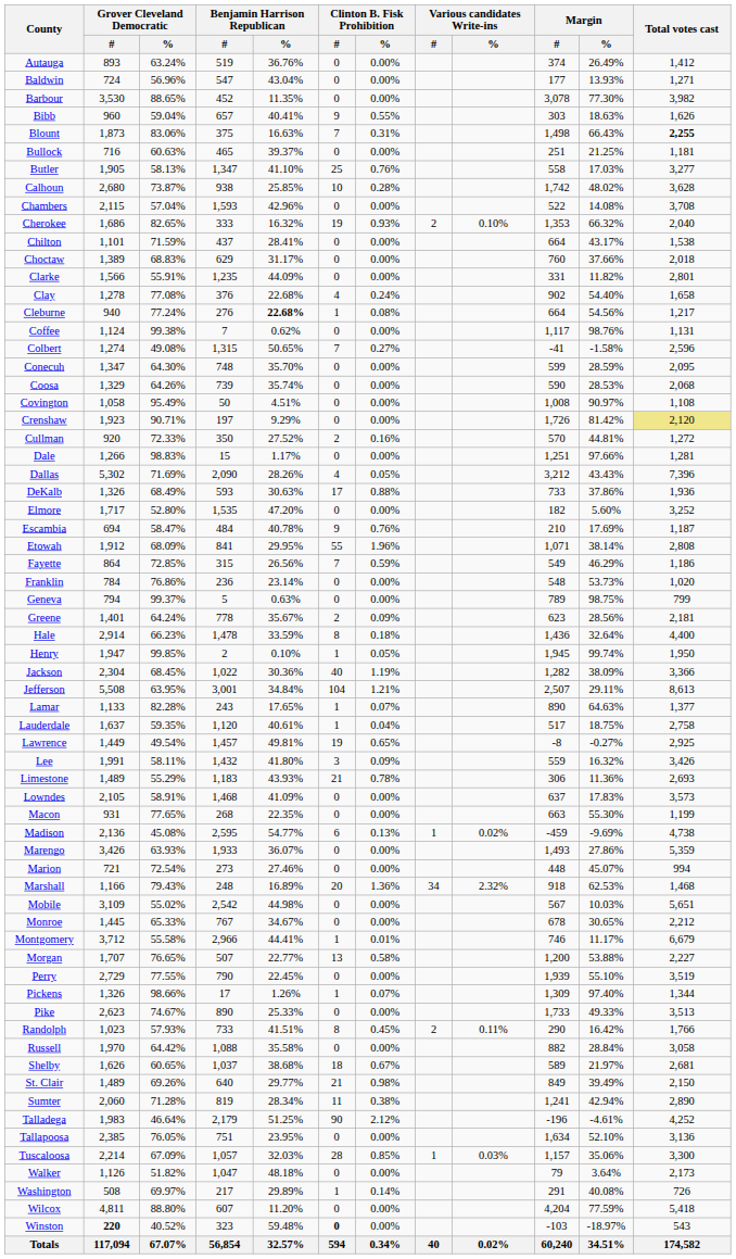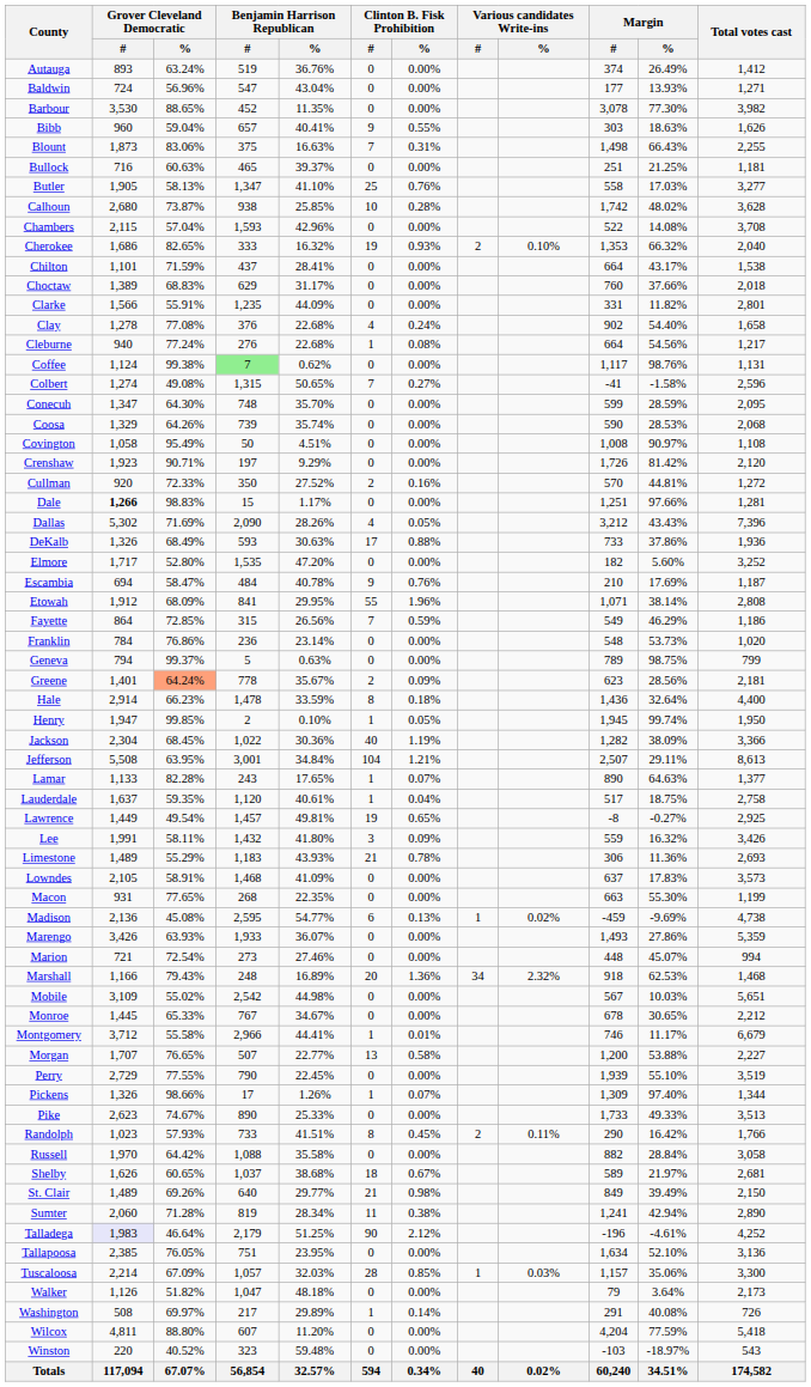 <table width="65%"  class="wikitable sortable" style="text-align:center">
 <tr>
 <th colspan="1" rowspan="2">County</th>
 <th style="text-align:center;" colspan="2">Grover Cleveland<br>Democratic</th>
 <th style="text-align:center;" colspan="2">Benjamin Harrison<br>Republican</th>
 <th style="text-align:center;" colspan="2">Clinton B. Fisk<br>Prohibition</th>
 <th style="text-align:center;" colspan="2">Various candidates<br>Write-ins</th>
 <th style="text-align:center;" colspan="2">Margin</th>
 <th colspan="1" rowspan="2" style="text-align:center;">Total votes cast</th>
 </tr>
 <tr>
 <th style="text-align:center;" data-sort-type="number">#</th>
 <th style="text-align:center;" data-sort-type="number">%</th>
 <th style="text-align:center;" data-sort-type="number">#</th>
 <th style="text-align:center;" data-sort-type="number">%</th>
 <th style="text-align:center;" data-sort-type="number">#</th>
 <th style="text-align:center;" data-sort-type="number">%</th>
 <th style="text-align:center;" data-sort-type="number">#</th>
 <th style="text-align:center;" data-sort-type="number">%</th>
 <th style="text-align:center;" data-sort-type="number">#</th>
 <th style="text-align:center;" data-sort-type="number">%</th>
 </tr>
 <tr style="text-align:center;">
 <td><a href='#'>Autauga</a></td>
 <td>893</td>
 <td>63.24%</td>
 <td>519</td>
 <td>36.76%</td>
 <td>0</td>
 <td>0.00%</td>
 <td></td>
 <td></td>
 <td>374</td>
 <td>26.49%</td>
 <td>1,412</td>
 </tr>
 <tr style="text-align:center;">
 <td><a href='#'>Baldwin</a></td>
 <td>724</td>
 <td>56.96%</td>
 <td>547</td>
 <td>43.04%</td>
 <td>0</td>
 <td>0.00%</td>
 <td></td>
 <td></td>
 <td>177</td>
 <td>13.93%</td>
 <td>1,271</td>
 </tr>
 <tr style="text-align:center;">
 <td><a href='#'>Barbour</a></td>
 <td>3,530</td>
 <td>88.65%</td>
 <td>452</td>
 <td>11.35%</td>
 <td>0</td>
 <td>0.00%</td>
 <td></td>
 <td></td>
 <td>3,078</td>
 <td>77.30%</td>
 <td>3,982</td>
 </tr>
 <tr style="text-align:center;">
 <td><a href='#'>Bibb</a></td>
 <td>960</td>
 <td>59.04%</td>
 <td>657</td>
 <td>40.41%</td>
 <td>9</td>
 <td>0.55%</td>
 <td></td>
 <td></td>
 <td>303</td>
 <td>18.63%</td>
 <td>1,626</td>
 </tr>
 <tr style="text-align:center;">
 <td><a href='#'>Blount</a></td>
 <td>1,873</td>
 <td>83.06%</td>
 <td>375</td>
 <td>16.63%</td>
 <td>7</td>
 <td>0.31%</td>
 <td></td>
 <td></td>
 <td>1,498</td>
 <td>66.43%</td>
-<td><strong>2,255</strong></td>
+<td>2,255</td>
 </tr>
 <tr style="text-align:center;">
 <td><a href='#'>Bullock</a></td>
 <td>716</td>
 <td>60.63%</td>
 <td>465</td>
 <td>39.37%</td>
 <td>0</td>
 <td>0.00%</td>
 <td></td>
 <td></td>
 <td>251</td>
 <td>21.25%</td>
 <td>1,181</td>
 </tr>
 <tr style="text-align:center;">
 <td><a href='#'>Butler</a></td>
 <td>1,905</td>
 <td>58.13%</td>
 <td>1,347</td>
 <td>41.10%</td>
 <td>25</td>
 <td>0.76%</td>
 <td></td>
 <td></td>
 <td>558</td>
 <td>17.03%</td>
 <td>3,277</td>
 </tr>
 <tr style="text-align:center;">
 <td><a href='#'>Calhoun</a></td>
 <td>2,680</td>
 <td>73.87%</td>
 <td>938</td>
 <td>25.85%</td>
 <td>10</td>
 <td>0.28%</td>
 <td></td>
 <td></td>
 <td>1,742</td>
 <td>48.02%</td>
 <td>3,628</td>
 </tr>
 <tr style="text-align:center;">
 <td><a href='#'>Chambers</a></td>
 <td>2,115</td>
 <td>57.04%</td>
 <td>1,593</td>
 <td>42.96%</td>
 <td>0</td>
 <td>0.00%</td>
 <td></td>
 <td></td>
 <td>522</td>
 <td>14.08%</td>
 <td>3,708</td>
 </tr>
 <tr style="text-align:center;">
 <td><a href='#'>Cherokee</a></td>
 <td>1,686</td>
 <td>82.65%</td>
 <td>333</td>
 <td>16.32%</td>
 <td>19</td>
 <td>0.93%</td>
 <td>2</td>
 <td>0.10%</td>
 <td>1,353</td>
 <td>66.32%</td>
 <td>2,040</td>
 </tr>
 <tr style="text-align:center;">
 <td><a href='#'>Chilton</a></td>
 <td>1,101</td>
 <td>71.59%</td>
 <td>437</td>
 <td>28.41%</td>
 <td>0</td>
 <td>0.00%</td>
 <td></td>
 <td></td>
 <td>664</td>
 <td>43.17%</td>
 <td>1,538</td>
 </tr>
 <tr style="text-align:center;">
 <td><a href='#'>Choctaw</a></td>
 <td>1,389</td>
 <td>68.83%</td>
 <td>629</td>
 <td>31.17%</td>
 <td>0</td>
 <td>0.00%</td>
 <td></td>
 <td></td>
 <td>760</td>
 <td>37.66%</td>
 <td>2,018</td>
 </tr>
 <tr style="text-align:center;">
 <td><a href='#'>Clarke</a></td>
 <td>1,566</td>
 <td>55.91%</td>
 <td>1,235</td>
 <td>44.09%</td>
 <td>0</td>
 <td>0.00%</td>
 <td></td>
 <td></td>
 <td>331</td>
 <td>11.82%</td>
 <td>2,801</td>
 </tr>
 <tr style="text-align:center;">
 <td><a href='#'>Clay</a></td>
 <td>1,278</td>
 <td>77.08%</td>
 <td>376</td>
 <td>22.68%</td>
 <td>4</td>
 <td>0.24%</td>
 <td></td>
 <td></td>
 <td>902</td>
 <td>54.40%</td>
 <td>1,658</td>
 </tr>
 <tr style="text-align:center;">
 <td><a href='#'>Cleburne</a></td>
 <td>940</td>
 <td>77.24%</td>
 <td>276</td>
-<td><strong>22.68%</strong></td>
+<td>22.68%</td>
 <td>1</td>
 <td>0.08%</td>
 <td></td>
 <td></td>
 <td>664</td>
 <td>54.56%</td>
 <td>1,217</td>
 </tr>
 <tr style="text-align:center;">
 <td><a href='#'>Coffee</a></td>
 <td>1,124</td>
 <td>99.38%</td>
-<td>7</td>
+<td style="background: lightgreen;">7</td>
 <td>0.62%</td>
 <td>0</td>
 <td>0.00%</td>
 <td></td>
 <td></td>
 <td>1,117</td>
 <td>98.76%</td>
 <td>1,131</td>
 </tr>
 <tr style="text-align:center;">
 <td><a href='#'>Colbert</a></td>
 <td>1,274</td>
 <td>49.08%</td>
 <td>1,315</td>
 <td>50.65%</td>
 <td>7</td>
 <td>0.27%</td>
 <td></td>
 <td></td>
 <td>-41</td>
 <td>-1.58%</td>
 <td>2,596</td>
 </tr>
 <tr style="text-align:center;">
 <td><a href='#'>Conecuh</a></td>
 <td>1,347</td>
 <td>64.30%</td>
 <td>748</td>
 <td>35.70%</td>
 <td>0</td>
 <td>0.00%</td>
 <td></td>
 <td></td>
 <td>599</td>
 <td>28.59%</td>
 <td>2,095</td>
 </tr>
 <tr style="text-align:center;">
 <td><a href='#'>Coosa</a></td>
 <td>1,329</td>
 <td>64.26%</td>
 <td>739</td>
 <td>35.74%</td>
 <td>0</td>
 <td>0.00%</td>
 <td></td>
 <td></td>
 <td>590</td>
 <td>28.53%</td>
 <td>2,068</td>
 </tr>
 <tr style="text-align:center;">
 <td><a href='#'>Covington</a></td>
 <td>1,058</td>
 <td>95.49%</td>
 <td>50</td>
 <td>4.51%</td>
 <td>0</td>
 <td>0.00%</td>
 <td></td>
 <td></td>
 <td>1,008</td>
 <td>90.97%</td>
 <td>1,108</td>
 </tr>
 <tr style="text-align:center;">
 <td><a href='#'>Crenshaw</a></td>
 <td>1,923</td>
 <td>90.71%</td>
 <td>197</td>
 <td>9.29%</td>
 <td>0</td>
 <td>0.00%</td>
 <td></td>
 <td></td>
 <td>1,726</td>
 <td>81.42%</td>
-<td style="background: khaki;">2,120</td>
+<td>2,120</td>
 </tr>
 <tr style="text-align:center;">
 <td><a href='#'>Cullman</a></td>
 <td>920</td>
 <td>72.33%</td>
 <td>350</td>
 <td>27.52%</td>
 <td>2</td>
 <td>0.16%</td>
 <td></td>
 <td></td>
 <td>570</td>
 <td>44.81%</td>
 <td>1,272</td>
 </tr>
 <tr style="text-align:center;">
 <td><a href='#'>Dale</a></td>
-<td>1,266</td>
+<td><strong>1,266</strong></td>
 <td>98.83%</td>
 <td>15</td>
 <td>1.17%</td>
 <td>0</td>
 <td>0.00%</td>
 <td></td>
 <td></td>
 <td>1,251</td>
 <td>97.66%</td>
 <td>1,281</td>
 </tr>
 <tr style="text-align:center;">
 <td><a href='#'>Dallas</a></td>
 <td>5,302</td>
 <td>71.69%</td>
 <td>2,090</td>
 <td>28.26%</td>
 <td>4</td>
 <td>0.05%</td>
 <td></td>
 <td></td>
 <td>3,212</td>
 <td>43.43%</td>
 <td>7,396</td>
 </tr>
 <tr style="text-align:center;">
 <td><a href='#'>DeKalb</a></td>
 <td>1,326</td>
 <td>68.49%</td>
 <td>593</td>
 <td>30.63%</td>
 <td>17</td>
 <td>0.88%</td>
 <td></td>
 <td></td>
 <td>733</td>
 <td>37.86%</td>
 <td>1,936</td>
 </tr>
 <tr style="text-align:center;">
 <td><a href='#'>Elmore</a></td>
 <td>1,717</td>
 <td>52.80%</td>
 <td>1,535</td>
 <td>47.20%</td>
 <td>0</td>
 <td>0.00%</td>
 <td></td>
 <td></td>
 <td>182</td>
 <td>5.60%</td>
 <td>3,252</td>
 </tr>
 <tr style="text-align:center;">
 <td><a href='#'>Escambia</a></td>
 <td>694</td>
 <td>58.47%</td>
 <td>484</td>
 <td>40.78%</td>
 <td>9</td>
 <td>0.76%</td>
 <td></td>
 <td></td>
 <td>210</td>
 <td>17.69%</td>
 <td>1,187</td>
 </tr>
 <tr style="text-align:center;">
 <td><a href='#'>Etowah</a></td>
 <td>1,912</td>
 <td>68.09%</td>
 <td>841</td>
 <td>29.95%</td>
 <td>55</td>
 <td>1.96%</td>
 <td></td>
 <td></td>
 <td>1,071</td>
 <td>38.14%</td>
 <td>2,808</td>
 </tr>
 <tr style="text-align:center;">
 <td><a href='#'>Fayette</a></td>
 <td>864</td>
 <td>72.85%</td>
 <td>315</td>
 <td>26.56%</td>
 <td>7</td>
 <td>0.59%</td>
 <td></td>
 <td></td>
 <td>549</td>
 <td>46.29%</td>
 <td>1,186</td>
 </tr>
 <tr style="text-align:center;">
 <td><a href='#'>Franklin</a></td>
 <td>784</td>
 <td>76.86%</td>
 <td>236</td>
 <td>23.14%</td>
 <td>0</td>
 <td>0.00%</td>
 <td></td>
 <td></td>
 <td>548</td>
 <td>53.73%</td>
 <td>1,020</td>
 </tr>
 <tr style="text-align:center;">
 <td><a href='#'>Geneva</a></td>
 <td>794</td>
 <td>99.37%</td>
 <td>5</td>
 <td>0.63%</td>
 <td>0</td>
 <td>0.00%</td>
 <td></td>
 <td></td>
 <td>789</td>
 <td>98.75%</td>
 <td>799</td>
 </tr>
 <tr style="text-align:center;">
 <td><a href='#'>Greene</a></td>
 <td>1,401</td>
-<td>64.24%</td>
+<td style="background: lightsalmon;">64.24%</td>
 <td>778</td>
 <td>35.67%</td>
 <td>2</td>
 <td>0.09%</td>
 <td></td>
 <td></td>
 <td>623</td>
 <td>28.56%</td>
 <td>2,181</td>
 </tr>
 <tr style="text-align:center;">
 <td><a href='#'>Hale</a></td>
 <td>2,914</td>
 <td>66.23%</td>
 <td>1,478</td>
 <td>33.59%</td>
 <td>8</td>
 <td>0.18%</td>
 <td></td>
 <td></td>
 <td>1,436</td>
 <td>32.64%</td>
 <td>4,400</td>
 </tr>
 <tr style="text-align:center;">
 <td><a href='#'>Henry</a></td>
 <td>1,947</td>
 <td>99.85%</td>
 <td>2</td>
 <td>0.10%</td>
 <td>1</td>
 <td>0.05%</td>
 <td></td>
 <td></td>
 <td>1,945</td>
 <td>99.74%</td>
 <td>1,950</td>
 </tr>
 <tr style="text-align:center;">
 <td><a href='#'>Jackson</a></td>
 <td>2,304</td>
 <td>68.45%</td>
 <td>1,022</td>
 <td>30.36%</td>
 <td>40</td>
 <td>1.19%</td>
 <td></td>
 <td></td>
 <td>1,282</td>
 <td>38.09%</td>
 <td>3,366</td>
 </tr>
 <tr style="text-align:center;">
 <td><a href='#'>Jefferson</a></td>
 <td>5,508</td>
 <td>63.95%</td>
 <td>3,001</td>
 <td>34.84%</td>
 <td>104</td>
 <td>1.21%</td>
 <td></td>
 <td></td>
 <td>2,507</td>
 <td>29.11%</td>
 <td>8,613</td>
 </tr>
 <tr style="text-align:center;">
 <td><a href='#'>Lamar</a></td>
 <td>1,133</td>
 <td>82.28%</td>
 <td>243</td>
 <td>17.65%</td>
 <td>1</td>
 <td>0.07%</td>
 <td></td>
 <td></td>
 <td>890</td>
 <td>64.63%</td>
 <td>1,377</td>
 </tr>
 <tr style="text-align:center;">
 <td><a href='#'>Lauderdale</a></td>
 <td>1,637</td>
 <td>59.35%</td>
 <td>1,120</td>
 <td>40.61%</td>
 <td>1</td>
 <td>0.04%</td>
 <td></td>
 <td></td>
 <td>517</td>
 <td>18.75%</td>
 <td>2,758</td>
 </tr>
 <tr style="text-align:center;">
 <td><a href='#'>Lawrence</a></td>
 <td>1,449</td>
 <td>49.54%</td>
 <td>1,457</td>
 <td>49.81%</td>
 <td>19</td>
 <td>0.65%</td>
 <td></td>
 <td></td>
 <td>-8</td>
 <td>-0.27%</td>
 <td>2,925</td>
 </tr>
 <tr style="text-align:center;">
 <td><a href='#'>Lee</a></td>
 <td>1,991</td>
 <td>58.11%</td>
 <td>1,432</td>
 <td>41.80%</td>
 <td>3</td>
 <td>0.09%</td>
 <td></td>
 <td></td>
 <td>559</td>
 <td>16.32%</td>
 <td>3,426</td>
 </tr>
 <tr style="text-align:center;">
 <td><a href='#'>Limestone</a></td>
 <td>1,489</td>
 <td>55.29%</td>
 <td>1,183</td>
 <td>43.93%</td>
 <td>21</td>
 <td>0.78%</td>
 <td></td>
 <td></td>
 <td>306</td>
 <td>11.36%</td>
 <td>2,693</td>
 </tr>
 <tr style="text-align:center;">
 <td><a href='#'>Lowndes</a></td>
 <td>2,105</td>
 <td>58.91%</td>
 <td>1,468</td>
 <td>41.09%</td>
 <td>0</td>
 <td>0.00%</td>
 <td></td>
 <td></td>
 <td>637</td>
 <td>17.83%</td>
 <td>3,573</td>
 </tr>
 <tr style="text-align:center;">
 <td><a href='#'>Macon</a></td>
 <td>931</td>
 <td>77.65%</td>
 <td>268</td>
 <td>22.35%</td>
 <td>0</td>
 <td>0.00%</td>
 <td></td>
 <td></td>
 <td>663</td>
 <td>55.30%</td>
 <td>1,199</td>
 </tr>
 <tr style="text-align:center;">
 <td><a href='#'>Madison</a></td>
 <td>2,136</td>
 <td>45.08%</td>
 <td>2,595</td>
 <td>54.77%</td>
 <td>6</td>
 <td>0.13%</td>
 <td>1</td>
 <td>0.02%</td>
 <td>-459</td>
 <td>-9.69%</td>
 <td>4,738</td>
 </tr>
 <tr style="text-align:center;">
 <td><a href='#'>Marengo</a></td>
 <td>3,426</td>
 <td>63.93%</td>
 <td>1,933</td>
 <td>36.07%</td>
 <td>0</td>
 <td>0.00%</td>
 <td></td>
 <td></td>
 <td>1,493</td>
 <td>27.86%</td>
 <td>5,359</td>
 </tr>
 <tr style="text-align:center;">
 <td><a href='#'>Marion</a></td>
 <td>721</td>
 <td>72.54%</td>
 <td>273</td>
 <td>27.46%</td>
 <td>0</td>
 <td>0.00%</td>
 <td></td>
 <td></td>
 <td>448</td>
 <td>45.07%</td>
 <td>994</td>
 </tr>
 <tr style="text-align:center;">
 <td><a href='#'>Marshall</a></td>
 <td>1,166</td>
 <td>79.43%</td>
 <td>248</td>
 <td>16.89%</td>
 <td>20</td>
 <td>1.36%</td>
 <td>34</td>
 <td>2.32%</td>
 <td>918</td>
 <td>62.53%</td>
 <td>1,468</td>
 </tr>
 <tr style="text-align:center;">
 <td><a href='#'>Mobile</a></td>
 <td>3,109</td>
 <td>55.02%</td>
 <td>2,542</td>
 <td>44.98%</td>
 <td>0</td>
 <td>0.00%</td>
 <td></td>
 <td></td>
 <td>567</td>
 <td>10.03%</td>
 <td>5,651</td>
 </tr>
 <tr style="text-align:center;">
 <td><a href='#'>Monroe</a></td>
 <td>1,445</td>
 <td>65.33%</td>
 <td>767</td>
 <td>34.67%</td>
 <td>0</td>
 <td>0.00%</td>
 <td></td>
 <td></td>
 <td>678</td>
 <td>30.65%</td>
 <td>2,212</td>
 </tr>
 <tr style="text-align:center;">
 <td><a href='#'>Montgomery</a></td>
 <td>3,712</td>
 <td>55.58%</td>
 <td>2,966</td>
 <td>44.41%</td>
 <td>1</td>
 <td>0.01%</td>
 <td></td>
 <td></td>
 <td>746</td>
 <td>11.17%</td>
 <td>6,679</td>
 </tr>
 <tr style="text-align:center;">
 <td><a href='#'>Morgan</a></td>
 <td>1,707</td>
 <td>76.65%</td>
 <td>507</td>
 <td>22.77%</td>
 <td>13</td>
 <td>0.58%</td>
 <td></td>
 <td></td>
 <td>1,200</td>
 <td>53.88%</td>
 <td>2,227</td>
 </tr>
 <tr style="text-align:center;">
 <td><a href='#'>Perry</a></td>
 <td>2,729</td>
 <td>77.55%</td>
 <td>790</td>
 <td>22.45%</td>
 <td>0</td>
 <td>0.00%</td>
 <td></td>
 <td></td>
 <td>1,939</td>
 <td>55.10%</td>
 <td>3,519</td>
 </tr>
 <tr style="text-align:center;">
 <td><a href='#'>Pickens</a></td>
 <td>1,326</td>
 <td>98.66%</td>
 <td>17</td>
 <td>1.26%</td>
 <td>1</td>
 <td>0.07%</td>
 <td></td>
 <td></td>
 <td>1,309</td>
 <td>97.40%</td>
 <td>1,344</td>
 </tr>
 <tr style="text-align:center;">
 <td><a href='#'>Pike</a></td>
 <td>2,623</td>
 <td>74.67%</td>
 <td>890</td>
 <td>25.33%</td>
 <td>0</td>
 <td>0.00%</td>
 <td></td>
 <td></td>
 <td>1,733</td>
 <td>49.33%</td>
 <td>3,513</td>
 </tr>
 <tr style="text-align:center;">
 <td><a href='#'>Randolph</a></td>
 <td>1,023</td>
 <td>57.93%</td>
 <td>733</td>
 <td>41.51%</td>
 <td>8</td>
 <td>0.45%</td>
 <td>2</td>
 <td>0.11%</td>
 <td>290</td>
 <td>16.42%</td>
 <td>1,766</td>
 </tr>
 <tr style="text-align:center;">
 <td><a href='#'>Russell</a></td>
 <td>1,970</td>
 <td>64.42%</td>
 <td>1,088</td>
 <td>35.58%</td>
 <td>0</td>
 <td>0.00%</td>
 <td></td>
 <td></td>
 <td>882</td>
 <td>28.84%</td>
 <td>3,058</td>
 </tr>
 <tr style="text-align:center;">
 <td><a href='#'>Shelby</a></td>
 <td>1,626</td>
 <td>60.65%</td>
 <td>1,037</td>
 <td>38.68%</td>
 <td>18</td>
 <td>0.67%</td>
 <td></td>
 <td></td>
 <td>589</td>
 <td>21.97%</td>
 <td>2,681</td>
 </tr>
 <tr style="text-align:center;">
 <td><a href='#'>St. Clair</a></td>
 <td>1,489</td>
 <td>69.26%</td>
 <td>640</td>
 <td>29.77%</td>
 <td>21</td>
 <td>0.98%</td>
 <td></td>
 <td></td>
 <td>849</td>
 <td>39.49%</td>
 <td>2,150</td>
 </tr>
 <tr style="text-align:center;">
 <td><a href='#'>Sumter</a></td>
 <td>2,060</td>
 <td>71.28%</td>
 <td>819</td>
 <td>28.34%</td>
 <td>11</td>
 <td>0.38%</td>
 <td></td>
 <td></td>
 <td>1,241</td>
 <td>42.94%</td>
 <td>2,890</td>
 </tr>
 <tr style="text-align:center;">
 <td><a href='#'>Talladega</a></td>
-<td>1,983</td>
+<td style="background: lavender;">1,983</td>
 <td>46.64%</td>
 <td>2,179</td>
 <td>51.25%</td>
 <td>90</td>
 <td>2.12%</td>
 <td></td>
 <td></td>
 <td>-196</td>
 <td>-4.61%</td>
 <td>4,252</td>
 </tr>
 <tr style="text-align:center;">
 <td><a href='#'>Tallapoosa</a></td>
 <td>2,385</td>
 <td>76.05%</td>
 <td>751</td>
 <td>23.95%</td>
 <td>0</td>
 <td>0.00%</td>
 <td></td>
 <td></td>
 <td>1,634</td>
 <td>52.10%</td>
 <td>3,136</td>
 </tr>
 <tr style="text-align:center;">
 <td><a href='#'>Tuscaloosa</a></td>
 <td>2,214</td>
 <td>67.09%</td>
 <td>1,057</td>
 <td>32.03%</td>
 <td>28</td>
 <td>0.85%</td>
 <td>1</td>
 <td>0.03%</td>
 <td>1,157</td>
 <td>35.06%</td>
 <td>3,300</td>
 </tr>
 <tr style="text-align:center;">
 <td><a href='#'>Walker</a></td>
 <td>1,126</td>
 <td>51.82%</td>
 <td>1,047</td>
 <td>48.18%</td>
 <td>0</td>
 <td>0.00%</td>
 <td></td>
 <td></td>
 <td>79</td>
 <td>3.64%</td>
 <td>2,173</td>
 </tr>
 <tr style="text-align:center;">
 <td><a href='#'>Washington</a></td>
 <td>508</td>
 <td>69.97%</td>
 <td>217</td>
 <td>29.89%</td>
 <td>1</td>
 <td>0.14%</td>
 <td></td>
 <td></td>
 <td>291</td>
 <td>40.08%</td>
 <td>726</td>
 </tr>
 <tr style="text-align:center;">
 <td><a href='#'>Wilcox</a></td>
 <td>4,811</td>
 <td>88.80%</td>
 <td>607</td>
 <td>11.20%</td>
 <td>0</td>
 <td>0.00%</td>
 <td></td>
 <td></td>
 <td>4,204</td>
 <td>77.59%</td>
 <td>5,418</td>
 </tr>
 <tr style="text-align:center;">
 <td><a href='#'>Winston</a></td>
-<td><strong>220</strong></td>
+<td>220</td>
 <td>40.52%</td>
 <td>323</td>
 <td>59.48%</td>
-<td><strong>0</strong></td>
+<td>0</td>
 <td>0.00%</td>
 <td></td>
 <td></td>
 <td>-103</td>
 <td>-18.97%</td>
 <td>543</td>
 </tr>
 <tr style="text-align:center;">
 <th>Totals</th>
 <th>117,094</th>
 <th>67.07%</th>
 <th>56,854</th>
 <th>32.57%</th>
 <th>594</th>
 <th>0.34%</th>
 <th>40</th>
 <th>0.02%</th>
 <th>60,240</th>
 <th>34.51%</th>
 <th>174,582</th>
 </tr>
 </table>
